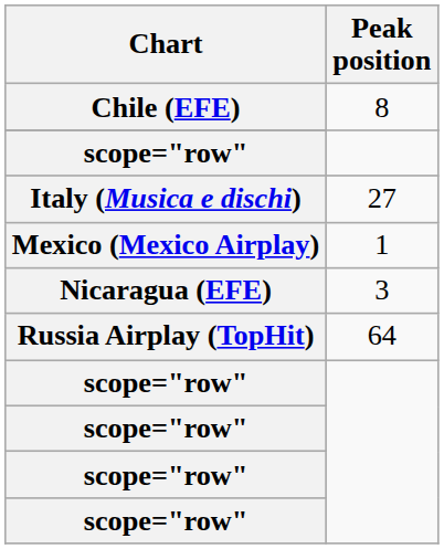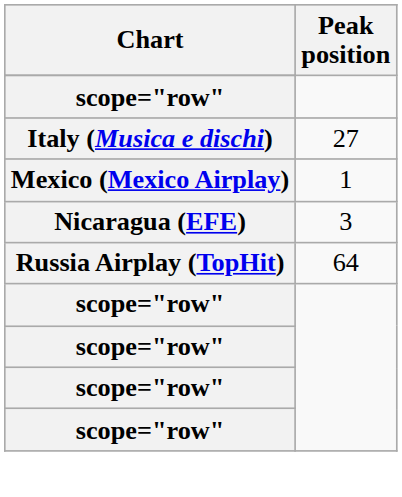 <table class="wikitable sortable plainrowheaders" style="text-align:center">
 <tr>
 <th scope="col">Chart</th>
 <th scope="col">Peak<br>position</th>
-</tr>
-<tr>
-<th scope="row">Chile (<a href='#'>EFE</a>)</th>
-<td align="center">8</td>
 </tr>
 <tr>
 </tr>
 <tr>
 <th>scope="row" </th>
 </tr>
 <tr>
 <th scope="row">Italy (<em><a href='#'>Musica e dischi</a></em>)</th>
 <td>27</td>
 </tr>
 <tr>
 <th scope="row">Mexico (<a href='#'>Mexico Airplay</a>)</th>
 <td align="center">1</td>
 </tr>
 <tr>
 <th scope="row">Nicaragua (<a href='#'>EFE</a>)</th>
 <td align="center">3</td>
 </tr>
 <tr>
 <th scope="row">Russia Airplay (<a href='#'>TopHit</a>)</th>
 <td>64</td>
 </tr>
 <tr>
 <th>scope="row" </th>
 </tr>
 <tr>
 <th>scope="row" </th>
 </tr>
 <tr>
 <th>scope="row" </th>
 </tr>
 <tr>
 <th>scope="row" </th>
 </tr>
 </table>
